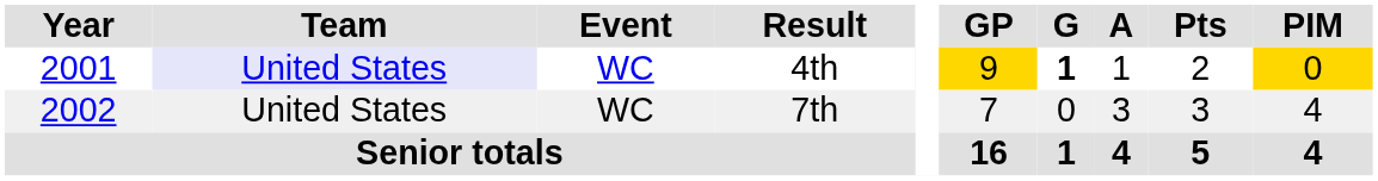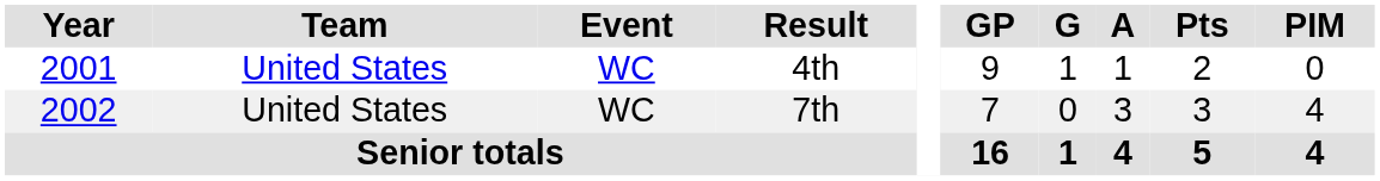 <table border="0" cellpadding="1" cellspacing="0" style="text-align:center; width:40em">
 <tr ALIGN="center" bgcolor="#e0e0e0">
 <th>Year</th>
 <th>Team</th>
 <th>Event</th>
 <th>Result</th>
 <th rowspan="99" bgcolor="#ffffff"> </th>
 <th>GP</th>
 <th>G</th>
 <th>A</th>
 <th>Pts</th>
 <th>PIM</th>
 </tr>
 <tr>
 <td><a href='#'>2001</a></td>
-<td style="background: lavender;"><a href='#'>United States</a></td>
+<td><a href='#'>United States</a></td>
 <td><a href='#'>WC</a></td>
 <td>4th</td>
-<td style="background: gold;">9</td>
-<td><strong>1</strong></td>
+<td>9</td>
+<td>1</td>
 <td>1</td>
 <td>2</td>
-<td style="background: gold;">0</td>
+<td>0</td>
 </tr>
 <tr bgcolor="#f0f0f0">
 <td><a href='#'>2002</a></td>
 <td>United States</td>
 <td>WC</td>
 <td>7th</td>
 <td>7</td>
 <td>0</td>
 <td>3</td>
 <td>3</td>
 <td>4</td>
 </tr>
 <tr bgcolor="#e0e0e0">
 <th colspan=4>Senior totals</th>
 <th>16</th>
 <th>1</th>
 <th>4</th>
 <th>5</th>
 <th>4</th>
 </tr>
 </table>
